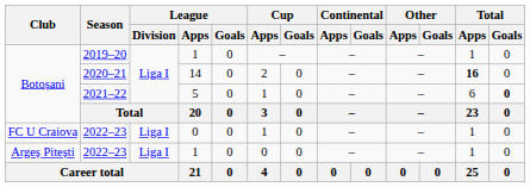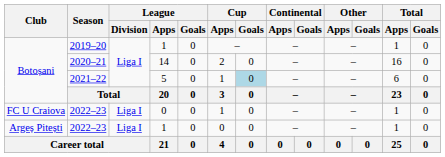 <table class="wikitable" style="text-align: center">
 <tr>
 <th rowspan="2">Club</th>
 <th rowspan="2">Season</th>
 <th colspan="3">League</th>
 <th colspan="2">Cup</th>
 <th colspan="2">Continental</th>
 <th colspan="2">Other</th>
 <th colspan="2">Total</th>
 </tr>
 <tr>
 <th>Division</th>
 <th>Apps</th>
 <th>Goals</th>
 <th>Apps</th>
 <th>Goals</th>
 <th>Apps</th>
 <th>Goals</th>
 <th>Apps</th>
 <th>Goals</th>
 <th>Apps</th>
 <th>Goals</th>
 </tr>
 <tr>
 <td rowspan="4"><a href='#'>Botoșani</a></td>
 <td><a href='#'>2019–20</a></td>
 <td rowspan="3"><a href='#'>Liga I</a></td>
 <td>1</td>
 <td>0</td>
 <td colspan="2">–</td>
 <td colspan="2">–</td>
 <td colspan="2">–</td>
 <td>1</td>
 <td>0</td>
 </tr>
 <tr>
 <td><a href='#'>2020–21</a></td>
 <td>14</td>
 <td>0</td>
 <td>2</td>
 <td>0</td>
 <td colspan="2">–</td>
 <td colspan="2">–</td>
-<td><strong>16</strong></td>
+<td>16</td>
 <td>0</td>
 </tr>
 <tr>
 <td><a href='#'>2021–22</a></td>
 <td>5</td>
 <td>0</td>
 <td>1</td>
-<td>0</td>
+<td style="background: lightblue;">0</td>
 <td colspan="2">–</td>
 <td colspan="2">–</td>
 <td>6</td>
-<td><strong>0</strong></td>
+<td>0</td>
 </tr>
 <tr>
 <th colspan="2">Total</th>
 <th>20</th>
 <th>0</th>
 <th>3</th>
 <th>0</th>
 <th colspan="2">–</th>
 <th colspan="2">–</th>
 <th>23</th>
 <th>0</th>
 </tr>
 <tr>
 <td><a href='#'>FC U Craiova</a></td>
 <td><a href='#'>2022–23</a></td>
 <td><a href='#'>Liga I</a></td>
 <td>0</td>
 <td>0</td>
 <td>1</td>
 <td>0</td>
 <td colspan="2">–</td>
 <td colspan="2">–</td>
 <td>1</td>
 <td>0</td>
 </tr>
 <tr>
 <td><a href='#'>Argeș Pitești</a></td>
 <td><a href='#'>2022–23</a></td>
 <td><a href='#'>Liga I</a></td>
 <td>1</td>
 <td>0</td>
 <td>0</td>
 <td>0</td>
 <td colspan="2">–</td>
 <td colspan="2">–</td>
 <td>1</td>
 <td>0</td>
 </tr>
 <tr>
 <th colspan="3"><strong>Career total</strong></th>
 <th>21</th>
 <th>0</th>
 <th>4</th>
 <th>0</th>
 <th>0</th>
 <th>0</th>
 <th>0</th>
 <th>0</th>
 <th>25</th>
 <th>0</th>
 </tr>
 </table>
